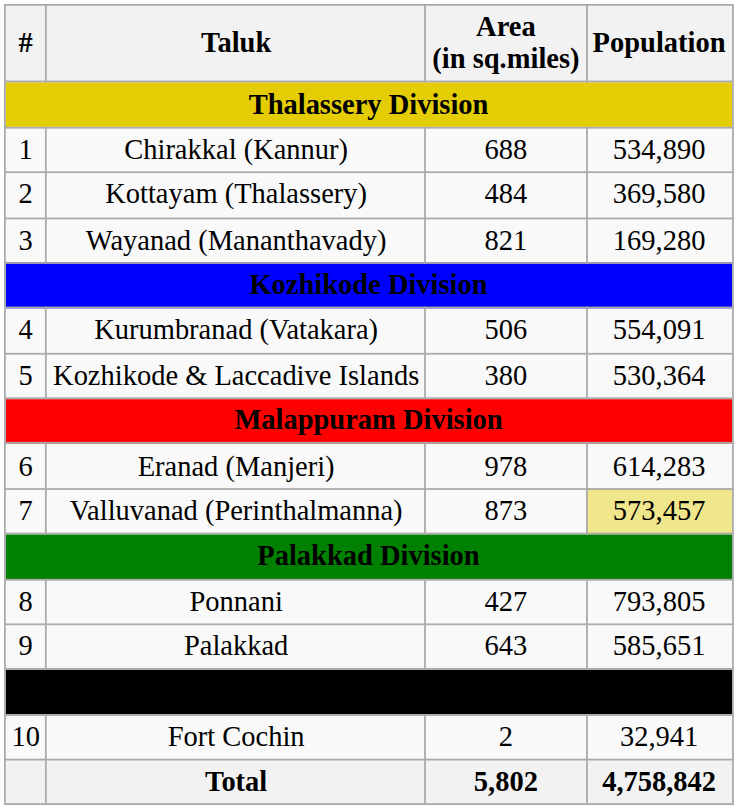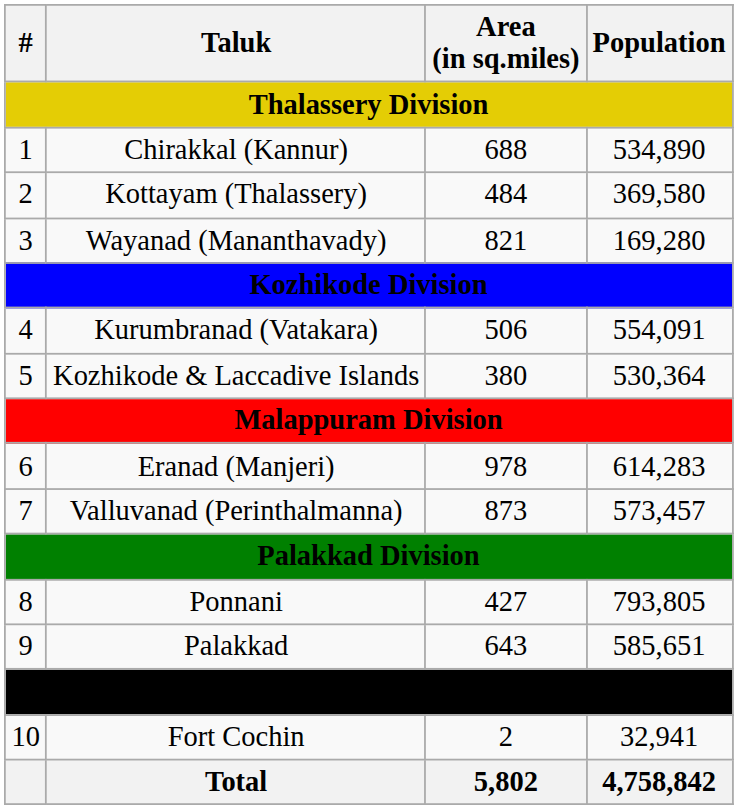 <table class="wikitable sortable" style="text-align:center;">
 <tr>
 <th>#</th>
 <th>Taluk</th>
 <th>Area <br> (in sq.miles)</th>
 <th>Population</th>
 </tr>
 <tr>
 <td colspan="4" align="center" bgcolor="#E4CD05"><span><strong>Thalassery Division</strong></span></td>
 </tr>
 <tr>
 <td>1</td>
 <td>Chirakkal (Kannur)</td>
 <td>688</td>
 <td>534,890</td>
 </tr>
 <tr>
 <td>2</td>
 <td>Kottayam (Thalassery)</td>
 <td>484</td>
 <td>369,580</td>
 </tr>
 <tr>
 <td>3</td>
 <td>Wayanad (Mananthavady)</td>
 <td>821</td>
 <td>169,280</td>
 </tr>
 <tr>
 <td colspan="4" align="center" bgcolor="blue"><span><strong>Kozhikode Division</strong></span></td>
 </tr>
 <tr>
 <td>4</td>
 <td>Kurumbranad (Vatakara)</td>
 <td>506</td>
 <td>554,091</td>
 </tr>
 <tr>
 <td>5</td>
 <td>Kozhikode & Laccadive Islands</td>
 <td>380</td>
 <td>530,364</td>
 </tr>
 <tr>
 <td colspan="4" align="center" bgcolor="red"><span><strong>Malappuram Division</strong></span></td>
 </tr>
 <tr>
 <td>6</td>
 <td>Eranad (Manjeri)</td>
 <td>978</td>
 <td>614,283</td>
 </tr>
 <tr>
 <td>7</td>
 <td>Valluvanad (Perinthalmanna)</td>
 <td>873</td>
-<td style="background: khaki;">573,457</td>
+<td>573,457</td>
 </tr>
 <tr>
 <td colspan="4" align="center" bgcolor="green"><span><strong>Palakkad Division</strong></span></td>
 </tr>
 <tr>
 <td>8</td>
 <td>Ponnani</td>
 <td>427</td>
 <td>793,805</td>
 </tr>
 <tr>
 <td>9</td>
 <td>Palakkad</td>
 <td>643</td>
 <td>585,651</td>
 </tr>
 <tr>
 <td colspan="4" align="center" bgcolor="black"><span><strong>Fort Cochin Division</strong></span></td>
 </tr>
 <tr>
 <td>10</td>
 <td>Fort Cochin</td>
 <td>2</td>
 <td>32,941</td>
 </tr>
 <tr>
 <th></th>
 <th>Total</th>
 <th>5,802</th>
 <th>4,758,842</th>
 </tr>
 </table>
